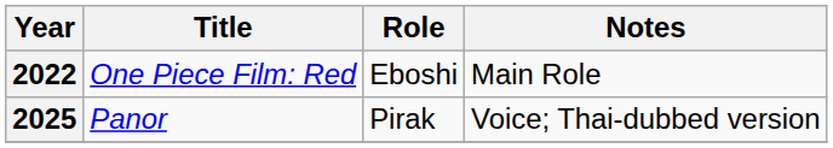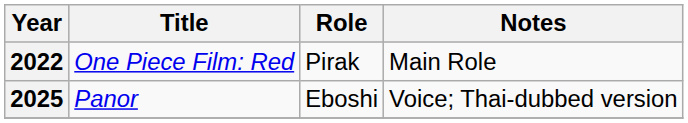 <table class="wikitable plainrowheaders sortable">
 <tr>
 <th scope="col">Year</th>
 <th scope="col">Title</th>
 <th scope="col">Role</th>
 <th class="unsortable">Notes</th>
 </tr>
 <tr>
 <th scope="row">2022</th>
 <td><em><a href='#'>One Piece Film: Red</a></em></td>
-<td>Eboshi</td>
+<td>Pirak</td>
 <td>Main Role</td>
 </tr>
 <tr>
 <th scope="row">2025</th>
 <td><em><a href='#'>Panor</a></em></td>
-<td>Pirak</td>
+<td>Eboshi</td>
 <td>Voice; Thai-dubbed version</td>
 </tr>
 <tr>
 </tr>
 </table>
